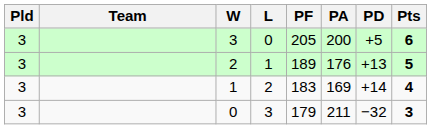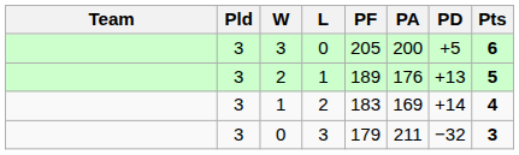 <table class=wikitable style="text-align:center">
 <tr>
+<th width=180>Team</th>
 <th width=30>Pld</th>
-<th width=180>Team</th>
 <th width=30>W</th>
 <th width=30>L</th>
 <th width=30>PF</th>
 <th width=30>PA</th>
 <th width=30>PD</th>
 <th width=30>Pts</th>
 </tr>
 <tr align=center bgcolor="#ccffcc">
+<td align=left></td>
 <td>3</td>
-<td align=left></td>
 <td>3</td>
 <td>0</td>
 <td>205</td>
 <td>200</td>
 <td>+5</td>
 <td><strong>6</strong></td>
 </tr>
 <tr align=center bgcolor="#ccffcc">
+<td align=left></td>
 <td>3</td>
-<td align=left></td>
 <td>2</td>
 <td>1</td>
 <td>189</td>
 <td>176</td>
 <td>+13</td>
 <td><strong>5</strong></td>
 </tr>
 <tr align=center>
+<td align=left></td>
 <td>3</td>
-<td align=left></td>
 <td>1</td>
 <td>2</td>
 <td>183</td>
 <td>169</td>
 <td>+14</td>
 <td><strong>4</strong></td>
 </tr>
 <tr align=center>
+<td align=left></td>
 <td>3</td>
-<td align=left></td>
 <td>0</td>
 <td>3</td>
 <td>179</td>
 <td>211</td>
 <td>−32</td>
 <td><strong>3</strong></td>
 </tr>
 </table>
